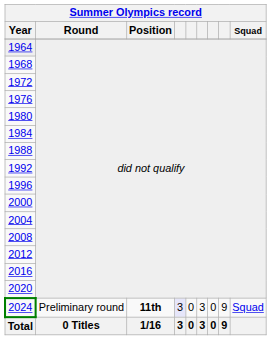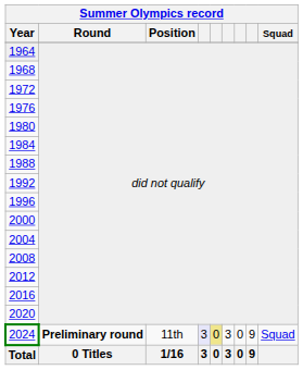 <table class="wikitable" style="text-align: center;">
 <tr>
 <th colspan=9><a href='#'>Summer Olympics record</a></th>
 </tr>
 <tr>
 <th>Year</th>
 <th>Round</th>
 <th>Position</th>
 <th></th>
 <th></th>
 <th></th>
 <th></th>
 <th></th>
 <th><small>Squad</small></th>
 </tr>
 <tr>
 </tr>
 <tr bgcolor="efefef">
 <td> <a href='#'>1964</a></td>
 <td colspan=9 rowspan=15 align=center><em>did not qualify</em></td>
 </tr>
 <tr>
 <td> <a href='#'>1968</a></td>
 </tr>
 <tr>
 <td> <a href='#'>1972</a></td>
 </tr>
 <tr>
 <td> <a href='#'>1976</a></td>
 </tr>
 <tr>
 <td> <a href='#'>1980</a></td>
 </tr>
 <tr>
 <td> <a href='#'>1984</a></td>
 </tr>
 <tr>
 <td> <a href='#'>1988</a></td>
 </tr>
 <tr>
 <td> <a href='#'>1992</a></td>
 </tr>
 <tr>
 <td> <a href='#'>1996</a></td>
 </tr>
 <tr>
 <td> <a href='#'>2000</a></td>
 </tr>
 <tr>
 <td> <a href='#'>2004</a></td>
 </tr>
 <tr>
 <td> <a href='#'>2008</a></td>
 </tr>
 <tr>
 <td> <a href='#'>2012</a></td>
 </tr>
 <tr>
 <td> <a href='#'>2016</a></td>
 </tr>
 <tr>
 <td> <a href='#'>2020</a></td>
 </tr>
 <tr>
 <td style="border: 3px solid green"> <a href='#'>2024</a></td>
-<td>Preliminary round</td>
-<td><strong>11th</strong></td>
+<td><strong>Preliminary round</strong></td>
+<td>11th</td>
 <td style="background: lavender;">3</td>
-<td>0</td>
+<td style="background: khaki;">0</td>
 <td>3</td>
 <td>0</td>
 <td>9</td>
 <td><a href='#'>Squad</a></td>
 </tr>
 <tr>
 <th>Total</th>
 <th>0 Titles</th>
 <th>1/16</th>
 <th>3</th>
 <th>0</th>
 <th>3</th>
 <th>0</th>
 <th>9</th>
 <th></th>
 </tr>
 </table>
